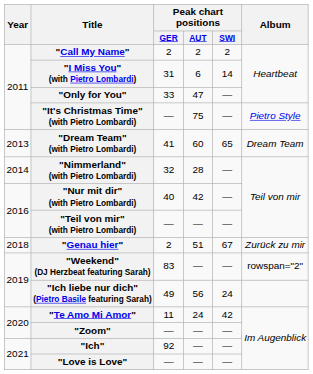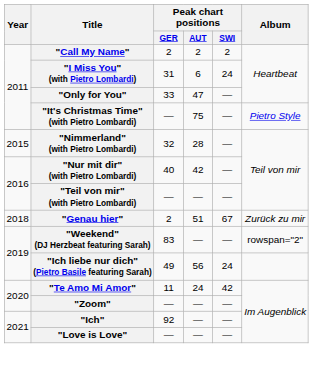 <table class="wikitable plainrowheaders" style="text-align:center;">
 <tr>
 <th scope="col" rowspan="2">Year</th>
 <th scope="col" rowspan="2">Title</th>
 <th scope="col" colspan="3">Peak chart positions</th>
 <th scope="col" rowspan="2">Album</th>
 </tr>
 <tr>
 <th scope="col" style="width:3em;font-size:85%"><a href='#'>GER</a><br></th>
 <th scope="col" style="width:3em;font-size:85%"><a href='#'>AUT</a><br></th>
 <th scope="col" style="width:3em;font-size:85%"><a href='#'>SWI</a><br></th>
 </tr>
 <tr>
 <td rowspan="4">2011</td>
 <th scope="row">"<a href='#'>Call My Name</a>"</th>
 <td>2</td>
 <td>2</td>
 <td>2</td>
 <td rowspan="3"><em>Heartbeat</em></td>
 </tr>
 <tr>
 <th scope="row">"<a href='#'>I Miss You</a>" <br><small>(with <a href='#'>Pietro Lombardi</a>)</small></th>
 <td>31</td>
 <td>6</td>
-<td>14</td>
+<td>24</td>
 </tr>
 <tr>
 <th scope="row">"Only for You"</th>
 <td>33</td>
 <td>47</td>
 <td>—</td>
 </tr>
 <tr>
 <th scope="row">"It's Christmas Time" <br><small>(with Pietro Lombardi)</small></th>
 <td>—</td>
 <td>75</td>
 <td>—</td>
 <td><em><a href='#'>Pietro Style</a></em></td>
 </tr>
 <tr>
-<td>2013</td>
-<th scope="row">"Dream Team" <br><small>(with Pietro Lombardi)</small></th>
-<td>41</td>
-<td>60</td>
-<td>65</td>
-<td><em>Dream Team</em></td>
-</tr>
-<tr>
-<td>2014</td>
+<td>2015</td>
 <th scope="row">"Nimmerland" <br><small>(with Pietro Lombardi)</small></th>
 <td>32</td>
 <td>28</td>
 <td>—</td>
 <td rowspan="3"><em>Teil von mir</em></td>
 </tr>
 <tr>
 <td rowspan="2">2016</td>
 <th scope="row">"Nur mit dir" <br><small>(with Pietro Lombardi)</small></th>
 <td>40</td>
 <td>42</td>
 <td>—</td>
 </tr>
 <tr>
 <th scope="row">"Teil von mir" <br><small>(with Pietro Lombardi)</small></th>
 <td>—</td>
 <td>—</td>
 <td>—</td>
 </tr>
 <tr>
 <td>2018</td>
 <th scope="row">"<a href='#'>Genau hier</a>"</th>
 <td>2</td>
 <td>51</td>
 <td>67</td>
 <td><em>Zurück zu mir</em></td>
 </tr>
 <tr>
 <td rowspan="2">2019</td>
 <th scope="row">"Weekend" <br><small>(DJ Herzbeat featuring Sarah)</small></th>
 <td>83</td>
 <td>—</td>
 <td>—</td>
 <td>rowspan="2" </td>
 </tr>
 <tr>
 <th scope="row">"Ich liebe nur dich" <br><small>(<a href='#'>Pietro Basile</a> featuring Sarah)</small></th>
 <td>49</td>
 <td>56</td>
 <td>24</td>
 </tr>
 <tr>
 <td rowspan="2">2020</td>
 <th scope="row">"<a href='#'>Te Amo Mi Amor</a>"</th>
 <td>11</td>
 <td>24</td>
 <td>42</td>
 <td rowspan="4"><em>Im Augenblick</em></td>
 </tr>
 <tr>
 <th scope="row">"Zoom"</th>
 <td>—</td>
 <td>—</td>
 <td>—</td>
 </tr>
 <tr>
 <td rowspan="2">2021</td>
 <th scope="row">"Ich"</th>
 <td>92</td>
 <td>—</td>
 <td>—</td>
 </tr>
 <tr>
 <th scope="row">"Love is Love"</th>
 <td>—</td>
 <td>—</td>
 <td>—</td>
 </tr>
 </table>
